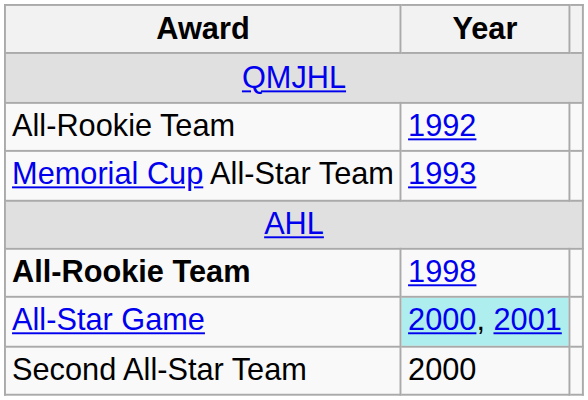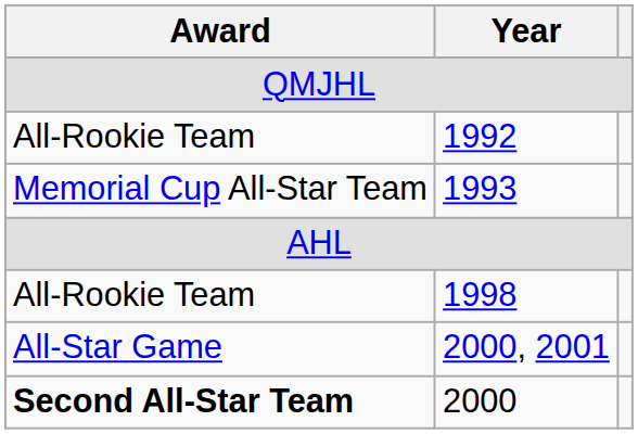 <table class="wikitable">
 <tr>
 <th>Award</th>
 <th>Year</th>
 <th></th>
 </tr>
 <tr ALIGN="center" bgcolor="#e0e0e0">
 <td colspan="3"><a href='#'>QMJHL</a></td>
 </tr>
 <tr>
 <td>All-Rookie Team</td>
 <td><a href='#'>1992</a></td>
 <td></td>
 </tr>
 <tr>
 <td><a href='#'>Memorial Cup</a> All-Star Team</td>
 <td><a href='#'>1993</a></td>
 <td></td>
 </tr>
 <tr ALIGN="center" bgcolor="#e0e0e0">
 <td colspan="3"><a href='#'>AHL</a></td>
 </tr>
 <tr>
-<td><strong>All-Rookie Team</strong></td>
+<td>All-Rookie Team</td>
 <td><a href='#'>1998</a></td>
 <td></td>
 </tr>
 <tr>
 <td><a href='#'>All-Star Game</a></td>
-<td style="background: paleturquoise;"><a href='#'>2000</a>, <a href='#'>2001</a></td>
+<td><a href='#'>2000</a>, <a href='#'>2001</a></td>
 <td></td>
 </tr>
 <tr>
-<td>Second All-Star Team</td>
+<td><strong>Second All-Star Team</strong></td>
 <td>2000</td>
 <td></td>
 </tr>
 </table>
